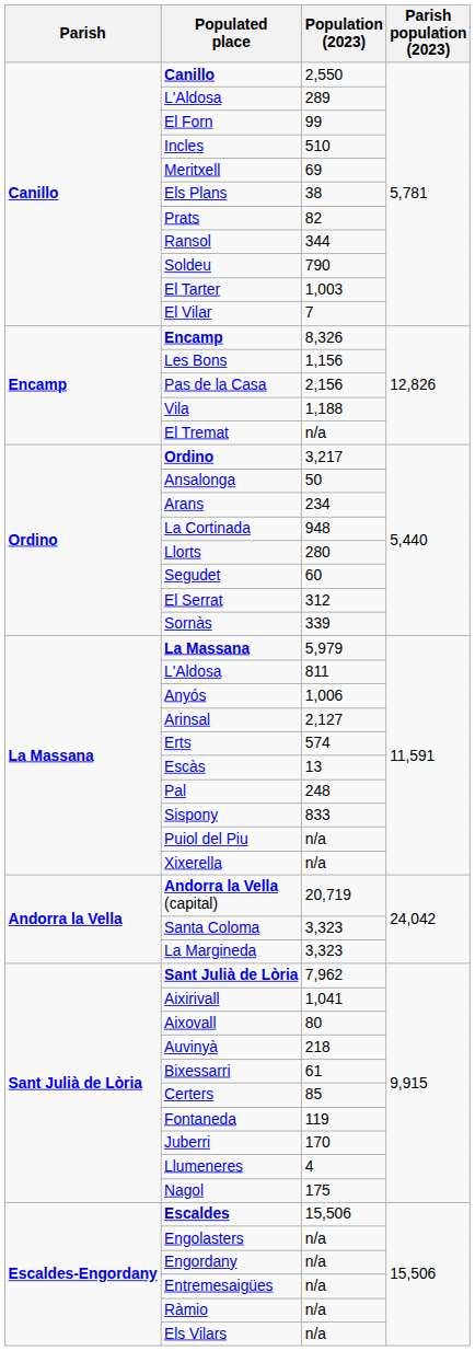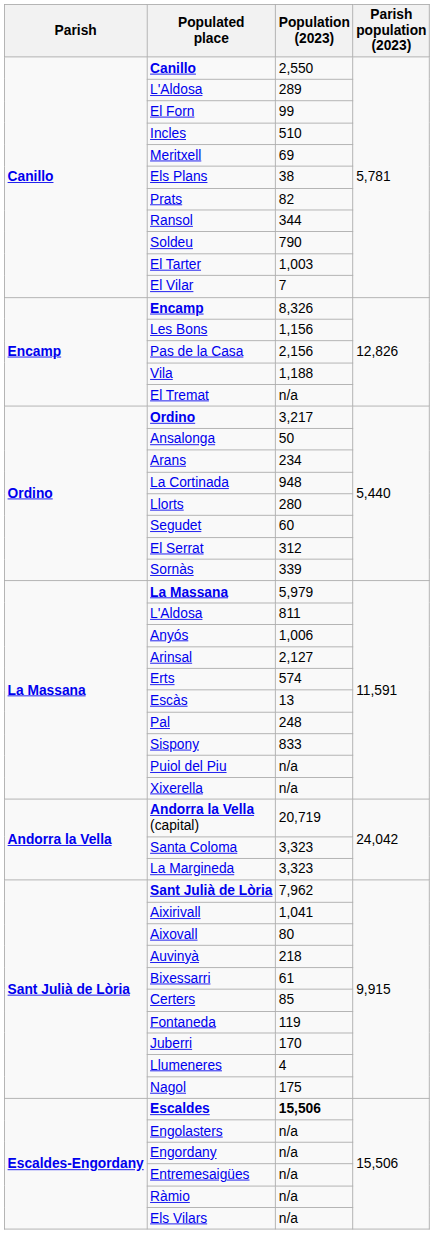 <table Class="wikitable sortable">
 <tr>
 <th>Parish</th>
 <th>Populated<br>place</th>
 <th>Population<br>(2023)</th>
 <th>Parish<br>population<br>(2023)</th>
 </tr>
 <tr>
 <td rowspan=11><strong><a href='#'>Canillo</a></strong></td>
 <td><strong><a href='#'>Canillo</a></strong></td>
 <td data-sort-value="2550">2,550</td>
 <td rowspan=11>5,781</td>
 </tr>
 <tr>
 <td><a href='#'>L'Aldosa</a></td>
 <td>289</td>
 </tr>
 <tr>
 <td><a href='#'>El Forn</a></td>
 <td>99</td>
 </tr>
 <tr>
 <td><a href='#'>Incles</a></td>
 <td>510</td>
 </tr>
 <tr>
 <td><a href='#'>Meritxell</a></td>
 <td>69</td>
 </tr>
 <tr>
 <td><a href='#'>Els Plans</a></td>
 <td>38</td>
 </tr>
 <tr>
 <td><a href='#'>Prats</a></td>
 <td>82</td>
 </tr>
 <tr>
 <td><a href='#'>Ransol</a></td>
 <td>344</td>
 </tr>
 <tr>
 <td><a href='#'>Soldeu</a></td>
 <td>790</td>
 </tr>
 <tr>
 <td><a href='#'>El Tarter</a></td>
 <td data-sort-value="1003">1,003</td>
 </tr>
 <tr>
 <td><a href='#'>El Vilar</a></td>
 <td>7</td>
 </tr>
 <tr>
 <td rowspan=5><strong><a href='#'>Encamp</a></strong></td>
 <td><strong><a href='#'>Encamp</a></strong></td>
 <td data-sort-value="8326">8,326</td>
 <td rowspan=5>12,826</td>
 </tr>
 <tr>
 <td><a href='#'>Les Bons</a></td>
 <td data-sort-value="1156">1,156</td>
 </tr>
 <tr>
 <td><a href='#'>Pas de la Casa</a></td>
 <td data-sort-value="2156">2,156</td>
 </tr>
 <tr>
 <td><a href='#'>Vila</a></td>
 <td>1,188</td>
 </tr>
 <tr>
 <td><a href='#'>El Tremat</a></td>
 <td>n/a</td>
 </tr>
 <tr>
 <td rowspan=8><strong><a href='#'>Ordino</a></strong></td>
 <td><strong><a href='#'>Ordino</a></strong></td>
 <td data-sort-value="3217">3,217</td>
 <td rowspan=8>5,440</td>
 </tr>
 <tr>
 <td><a href='#'>Ansalonga</a></td>
 <td>50</td>
 </tr>
 <tr>
 <td><a href='#'>Arans</a></td>
 <td>234</td>
 </tr>
 <tr>
 <td><a href='#'>La Cortinada</a></td>
 <td>948</td>
 </tr>
 <tr>
 <td><a href='#'>Llorts</a></td>
 <td>280</td>
 </tr>
 <tr>
 <td><a href='#'>Segudet</a></td>
 <td>60</td>
 </tr>
 <tr>
 <td><a href='#'>El Serrat</a></td>
 <td>312</td>
 </tr>
 <tr>
 <td><a href='#'>Sornàs</a></td>
 <td>339</td>
 </tr>
 <tr>
 <td rowspan=10><strong><a href='#'>La Massana</a></strong></td>
 <td><strong><a href='#'>La Massana</a></strong></td>
 <td data-sort-value="5979">5,979</td>
 <td rowspan=10>11,591</td>
 </tr>
 <tr>
 <td><a href='#'>L'Aldosa</a></td>
 <td>811</td>
 </tr>
 <tr>
 <td><a href='#'>Anyós</a></td>
 <td>1,006</td>
 </tr>
 <tr>
 <td><a href='#'>Arinsal</a></td>
 <td data-sort-value="2127">2,127</td>
 </tr>
 <tr>
 <td><a href='#'>Erts</a></td>
 <td>574</td>
 </tr>
 <tr>
 <td><a href='#'>Escàs</a></td>
 <td>13</td>
 </tr>
 <tr>
 <td><a href='#'>Pal</a></td>
 <td>248</td>
 </tr>
 <tr>
 <td><a href='#'>Sispony</a></td>
 <td>833</td>
 </tr>
 <tr>
 <td><a href='#'>Puiol del Piu</a></td>
 <td>n/a</td>
 </tr>
 <tr>
 <td><a href='#'>Xixerella</a></td>
 <td>n/a</td>
 </tr>
 <tr>
 <td rowspan=3><strong><a href='#'>Andorra la Vella</a></strong></td>
 <td><strong><a href='#'>Andorra la Vella</a></strong><br>(capital)</td>
 <td data-sort-value="20719">20,719</td>
 <td rowspan=3>24,042</td>
 </tr>
 <tr>
 <td><a href='#'>Santa Coloma</a></td>
 <td data-sort-value="3323">3,323</td>
 </tr>
 <tr>
 <td><a href='#'>La Margineda</a></td>
 <td data-sort-value="3323">3,323</td>
 </tr>
 <tr>
 <td rowspan=10><strong><a href='#'>Sant Julià de Lòria</a></strong></td>
 <td><strong><a href='#'>Sant Julià de Lòria</a></strong></td>
 <td data-sort-value="7962">7,962</td>
 <td rowspan=10>9,915</td>
 </tr>
 <tr>
 <td><a href='#'>Aixirivall</a></td>
 <td>1,041</td>
 </tr>
 <tr>
 <td><a href='#'>Aixovall</a></td>
 <td>80</td>
 </tr>
 <tr>
 <td><a href='#'>Auvinyà</a></td>
 <td>218</td>
 </tr>
 <tr>
 <td><a href='#'>Bixessarri</a></td>
 <td>61</td>
 </tr>
 <tr>
 <td><a href='#'>Certers</a></td>
 <td>85</td>
 </tr>
 <tr>
 <td><a href='#'>Fontaneda</a></td>
 <td>119</td>
 </tr>
 <tr>
 <td><a href='#'>Juberri</a></td>
 <td>170</td>
 </tr>
 <tr>
 <td><a href='#'>Llumeneres</a></td>
 <td>4</td>
 </tr>
 <tr>
 <td><a href='#'>Nagol</a></td>
 <td>175</td>
 </tr>
 <tr>
 <td rowspan=6><strong><a href='#'>Escaldes-Engordany</a></strong></td>
 <td><strong><a href='#'>Escaldes</a></strong></td>
-<td data-sort-value="15506">15,506</td>
+<td data-sort-value="15506"><strong>15,506</strong></td>
 <td rowspan=6>15,506</td>
 </tr>
 <tr>
 <td><a href='#'>Engolasters</a></td>
 <td>n/a</td>
 </tr>
 <tr>
 <td><a href='#'>Engordany</a></td>
 <td>n/a</td>
 </tr>
 <tr>
 <td><a href='#'>Entremesaigües</a></td>
 <td>n/a</td>
 </tr>
 <tr>
 <td><a href='#'>Ràmio</a></td>
 <td>n/a</td>
 </tr>
 <tr>
 <td><a href='#'>Els Vilars</a></td>
 <td>n/a</td>
 </tr>
 </table>
